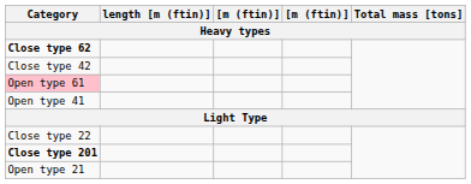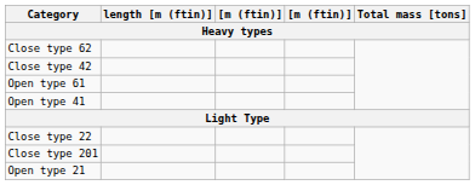 <table class="wikitable">
 <tr>
 <th>Category</th>
 <th>length [m (ftin)]</th>
 <th>[m (ftin)]</th>
 <th>[m (ftin)]</th>
 <th>Total mass [tons]</th>
 </tr>
 <tr>
 <th colspan="5" style="text-align: center;">Heavy types</th>
 </tr>
 <tr>
-<td><strong>Close type 62</strong></td>
+<td>Close type 62</td>
 <td></td>
 <td></td>
 <td></td>
 <td rowspan="4" style="text-align: center;"></td>
 </tr>
 <tr>
 <td>Close type 42</td>
 <td></td>
 <td></td>
 <td></td>
 </tr>
 <tr>
-<td style="background: pink;">Open type 61</td>
+<td>Open type 61</td>
 <td></td>
 <td></td>
 <td></td>
 </tr>
 <tr>
 <td>Open type 41</td>
 <td></td>
 <td></td>
 <td></td>
 </tr>
 <tr>
 <th colspan="5" style="text-align: center;">Light Type</th>
 </tr>
 <tr>
 <td>Close type 22</td>
 <td></td>
 <td></td>
 <td></td>
 <td rowspan="3" style="text-align: center;"></td>
 </tr>
 <tr>
-<td><strong>Close type 201</strong></td>
+<td>Close type 201</td>
 <td></td>
 <td></td>
 <td></td>
 </tr>
 <tr>
 <td>Open type 21</td>
 <td></td>
 <td></td>
 <td></td>
 </tr>
 </table>
